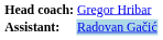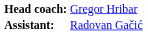 <table>
 <tr>
 <td><strong>Head coach:</strong></td>
 <td><a href='#'>Gregor Hribar</a></td>
 </tr>
 <tr>
 <td><strong>Assistant:</strong></td>
-<td style="background: lightblue;"><a href='#'>Radovan Gačić</a></td>
+<td><a href='#'>Radovan Gačić</a></td>
 </tr>
 </table>
